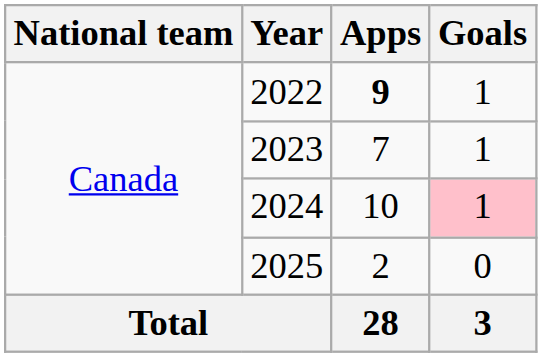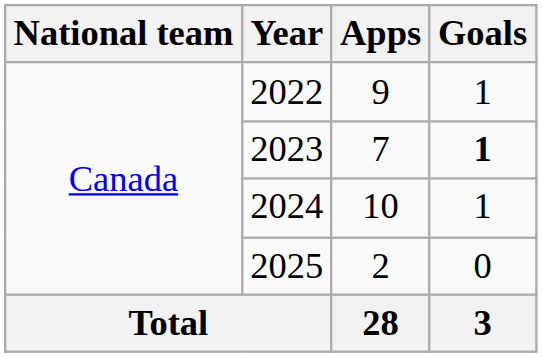 <table class="wikitable" style="text-align:center">
 <tr>
 <th>National team</th>
 <th>Year</th>
 <th>Apps</th>
 <th>Goals</th>
 </tr>
 <tr>
 <td rowspan="4"><a href='#'>Canada</a></td>
 <td>2022</td>
-<td><strong>9</strong></td>
+<td>9</td>
 <td>1</td>
 </tr>
 <tr>
 <td>2023</td>
 <td>7</td>
-<td>1</td>
+<td><strong>1</strong></td>
 </tr>
 <tr>
 <td>2024</td>
 <td>10</td>
-<td style="background: pink;">1</td>
+<td>1</td>
 </tr>
 <tr>
 <td>2025</td>
 <td>2</td>
 <td>0</td>
 </tr>
 <tr>
 <th colspan="2">Total</th>
 <th>28</th>
 <th>3</th>
 </tr>
 </table>
